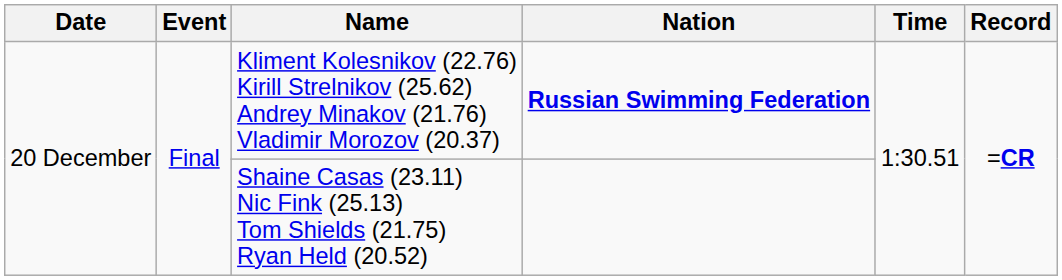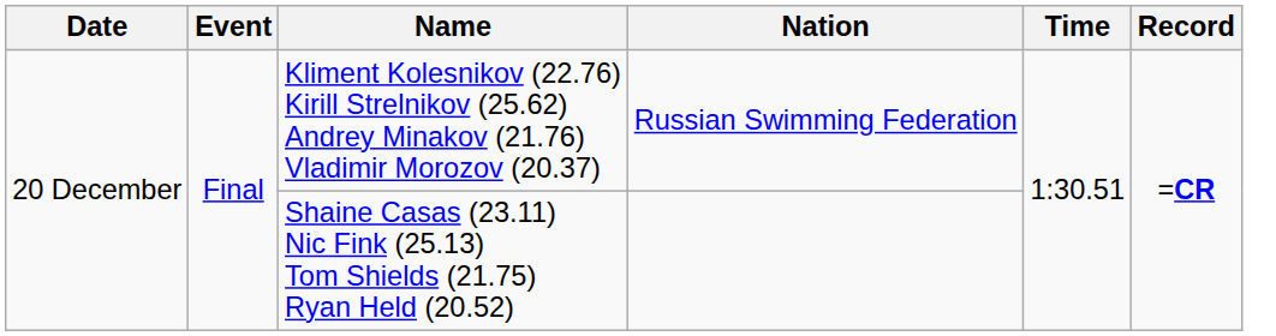 <table class="wikitable" style=text-align:center>
 <tr>
 <th>Date</th>
 <th>Event</th>
 <th>Name</th>
 <th>Nation</th>
 <th>Time</th>
 <th>Record</th>
 </tr>
 <tr>
 <td rowspan=2>20 December</td>
 <td rowspan=2><a href='#'>Final</a></td>
 <td align=left><a href='#'>Kliment Kolesnikov</a> (22.76)<br><a href='#'>Kirill Strelnikov</a> (25.62)<br><a href='#'>Andrey Minakov</a> (21.76)<br><a href='#'>Vladimir Morozov</a> (20.37)</td>
-<td align=left><strong><a href='#'>Russian Swimming Federation</a></strong></td>
+<td align=left><a href='#'>Russian Swimming Federation</a></td>
 <td rowspan=2>1:30.51</td>
 <td rowspan=2>=<strong><a href='#'>CR</a></strong></td>
 </tr>
 <tr>
 <td align=left><a href='#'>Shaine Casas</a> (23.11)<br><a href='#'>Nic Fink</a> (25.13)<br><a href='#'>Tom Shields</a> (21.75)<br><a href='#'>Ryan Held</a> (20.52)</td>
 <td align=left></td>
 </tr>
 </table>
